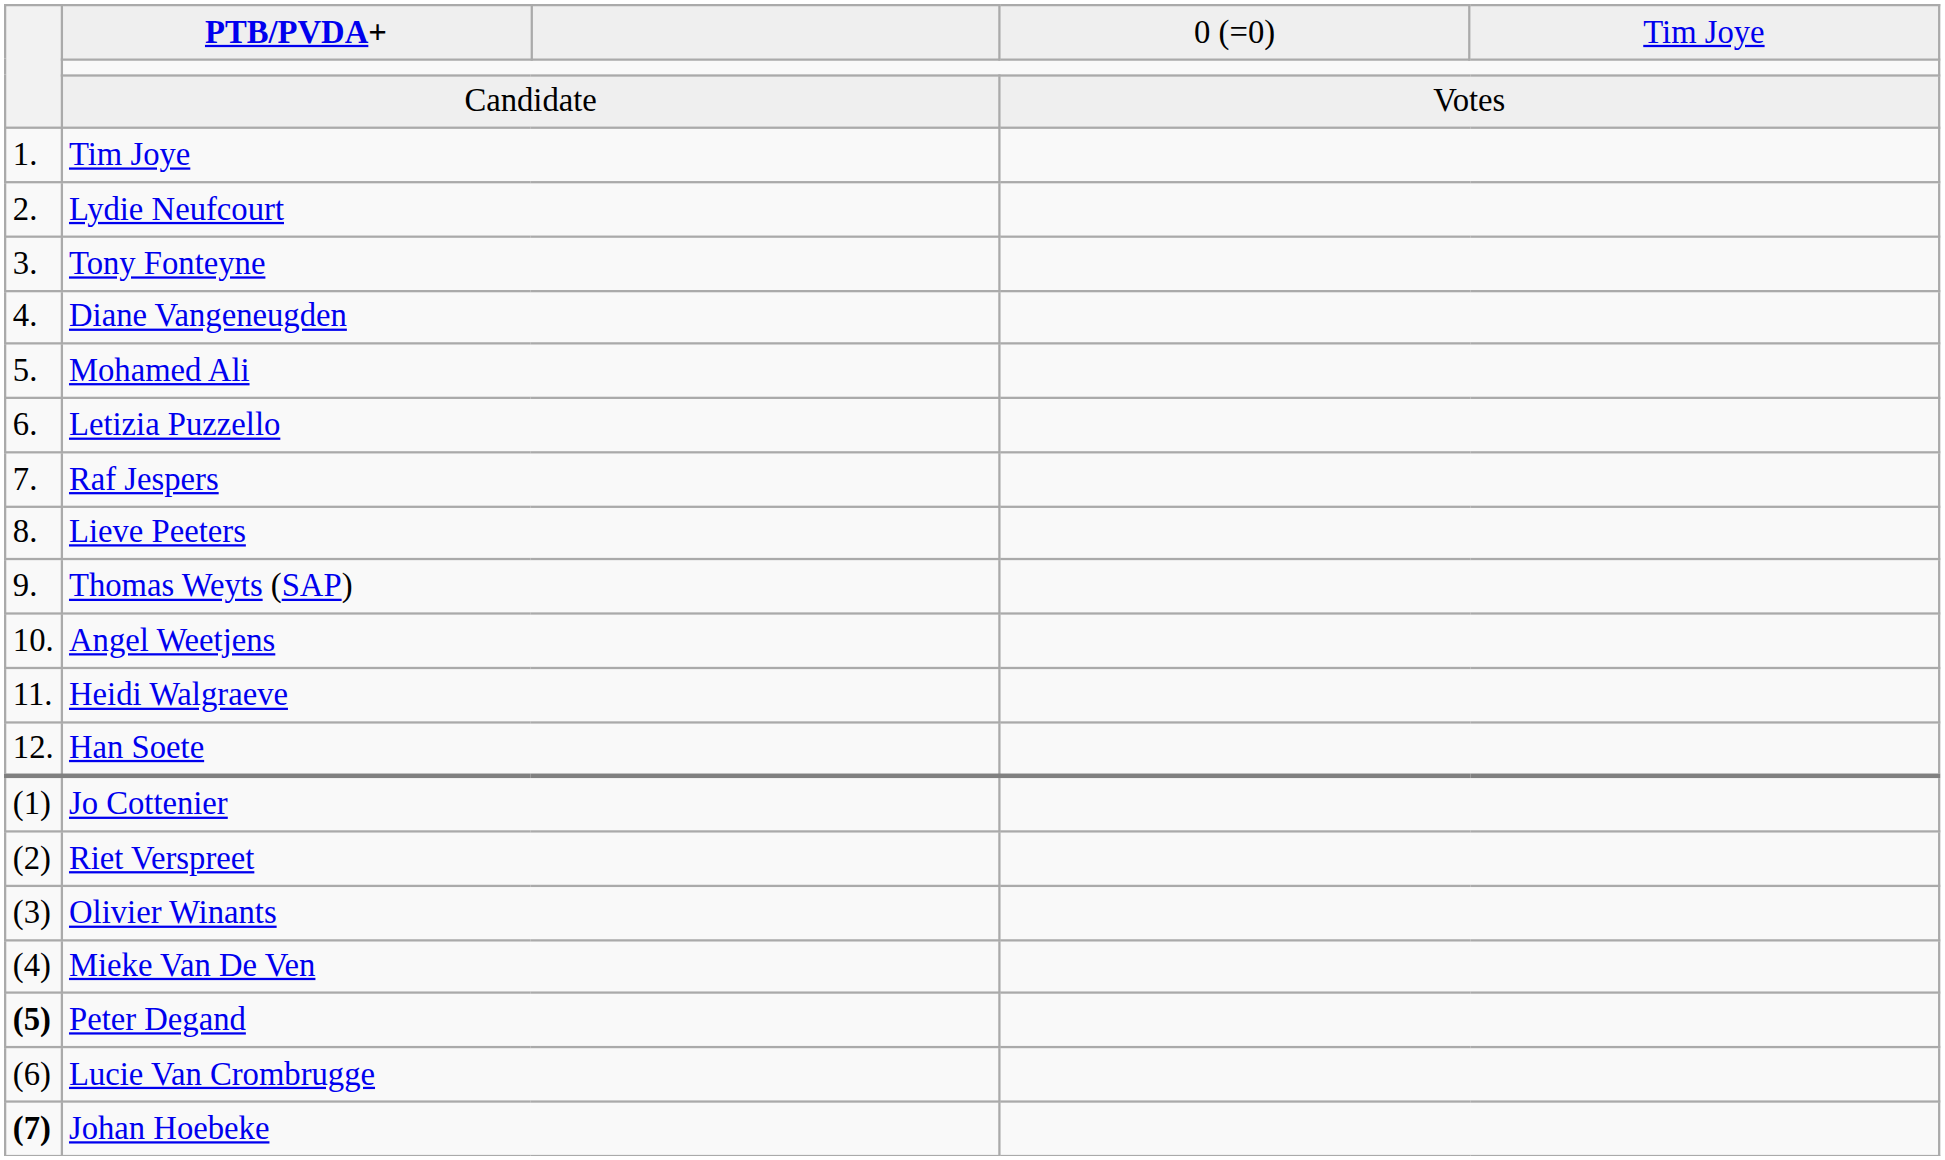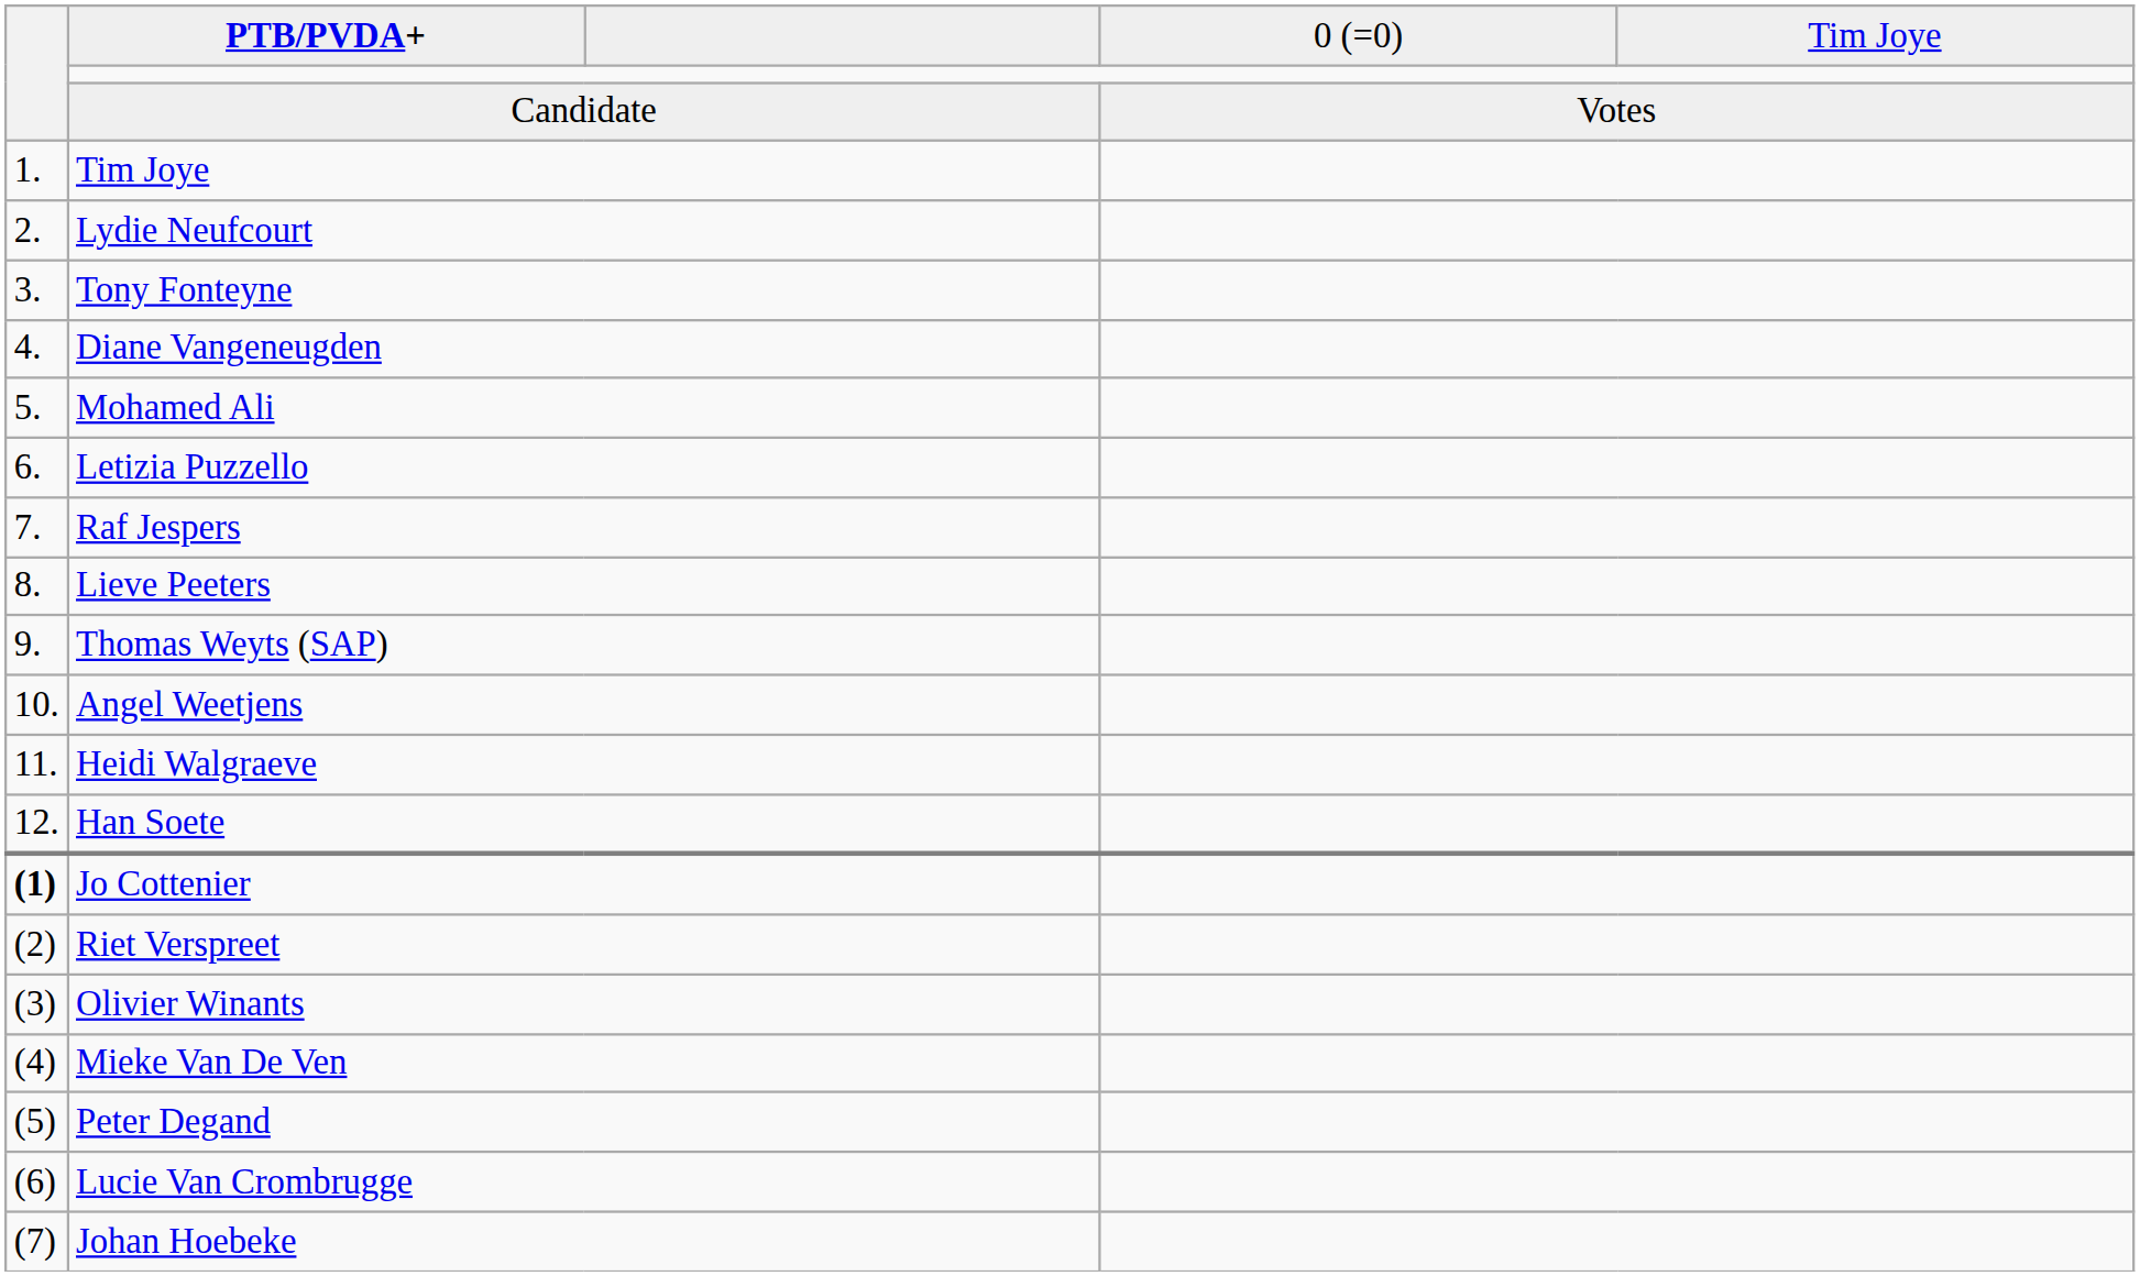 <table class="wikitable collapsible collapsed" style=text-align:left;font-size:90%>
 <tr>
 <th rowspan=3></th>
 <td bgcolor=efefef width=200 align=center><strong> <a href='#'>PTB/PVDA</a>+</strong></td>
 <td bgcolor=efefef width=200 align=center></td>
 <td bgcolor=efefef width=200 align=center>0 (=0)</td>
 <td bgcolor=efefef width=200 align=center><a href='#'>Tim Joye</a></td>
 </tr>
 <tr>
 <td colspan=4 bgcolor=></td>
 </tr>
 <tr>
 <td bgcolor=efefef align=center colspan=2>Candidate</td>
 <td bgcolor=efefef align=center colspan=2>Votes</td>
 </tr>
 <tr>
 <td>1.</td>
 <td colspan=2><a href='#'>Tim Joye</a></td>
 <td colspan=2></td>
 </tr>
 <tr>
 <td>2.</td>
 <td colspan=2><a href='#'>Lydie Neufcourt</a></td>
 <td colspan=2></td>
 </tr>
 <tr>
 <td>3.</td>
 <td colspan=2><a href='#'>Tony Fonteyne</a></td>
 <td colspan=2></td>
 </tr>
 <tr>
 <td>4.</td>
 <td colspan=2><a href='#'>Diane Vangeneugden</a></td>
 <td colspan=2></td>
 </tr>
 <tr>
 <td>5.</td>
 <td colspan=2><a href='#'>Mohamed Ali</a></td>
 <td colspan=2></td>
 </tr>
 <tr>
 <td>6.</td>
 <td colspan=2><a href='#'>Letizia Puzzello</a></td>
 <td colspan=2></td>
 </tr>
 <tr>
 <td>7.</td>
 <td colspan=2><a href='#'>Raf Jespers</a></td>
 <td colspan=2></td>
 </tr>
 <tr>
 <td>8.</td>
 <td colspan=2><a href='#'>Lieve Peeters</a></td>
 <td colspan=2></td>
 </tr>
 <tr>
 <td>9.</td>
 <td colspan=2><a href='#'>Thomas Weyts</a> (<a href='#'>SAP</a>)</td>
 <td colspan=2></td>
 </tr>
 <tr>
 <td>10.</td>
 <td colspan=2><a href='#'>Angel Weetjens</a></td>
 <td colspan=2></td>
 </tr>
 <tr>
 <td>11.</td>
 <td colspan=2><a href='#'>Heidi Walgraeve</a></td>
 <td colspan=2></td>
 </tr>
 <tr>
 <td>12.</td>
 <td colspan=2><a href='#'>Han Soete</a></td>
 <td colspan=2></td>
 </tr>
 <tr style="border-top:2px solid gray;">
-<td>(1)</td>
+<td><strong>(1)</strong></td>
 <td colspan=2><a href='#'>Jo Cottenier</a></td>
 <td colspan=2></td>
 </tr>
 <tr>
 <td>(2)</td>
 <td colspan=2><a href='#'>Riet Verspreet</a></td>
 <td colspan=2></td>
 </tr>
 <tr>
 <td>(3)</td>
 <td colspan=2><a href='#'>Olivier Winants</a></td>
 <td colspan=2></td>
 </tr>
 <tr>
 <td>(4)</td>
 <td colspan=2><a href='#'>Mieke Van De Ven</a></td>
 <td colspan=2></td>
 </tr>
 <tr>
-<td><strong>(5)</strong></td>
+<td>(5)</td>
 <td colspan=2><a href='#'>Peter Degand</a></td>
 <td colspan=2></td>
 </tr>
 <tr>
 <td>(6)</td>
 <td colspan=2><a href='#'>Lucie Van Crombrugge</a></td>
 <td colspan=2></td>
 </tr>
 <tr>
-<td><strong>(7)</strong></td>
+<td>(7)</td>
 <td colspan=2><a href='#'>Johan Hoebeke</a></td>
 <td colspan=2></td>
 </tr>
 </table>
